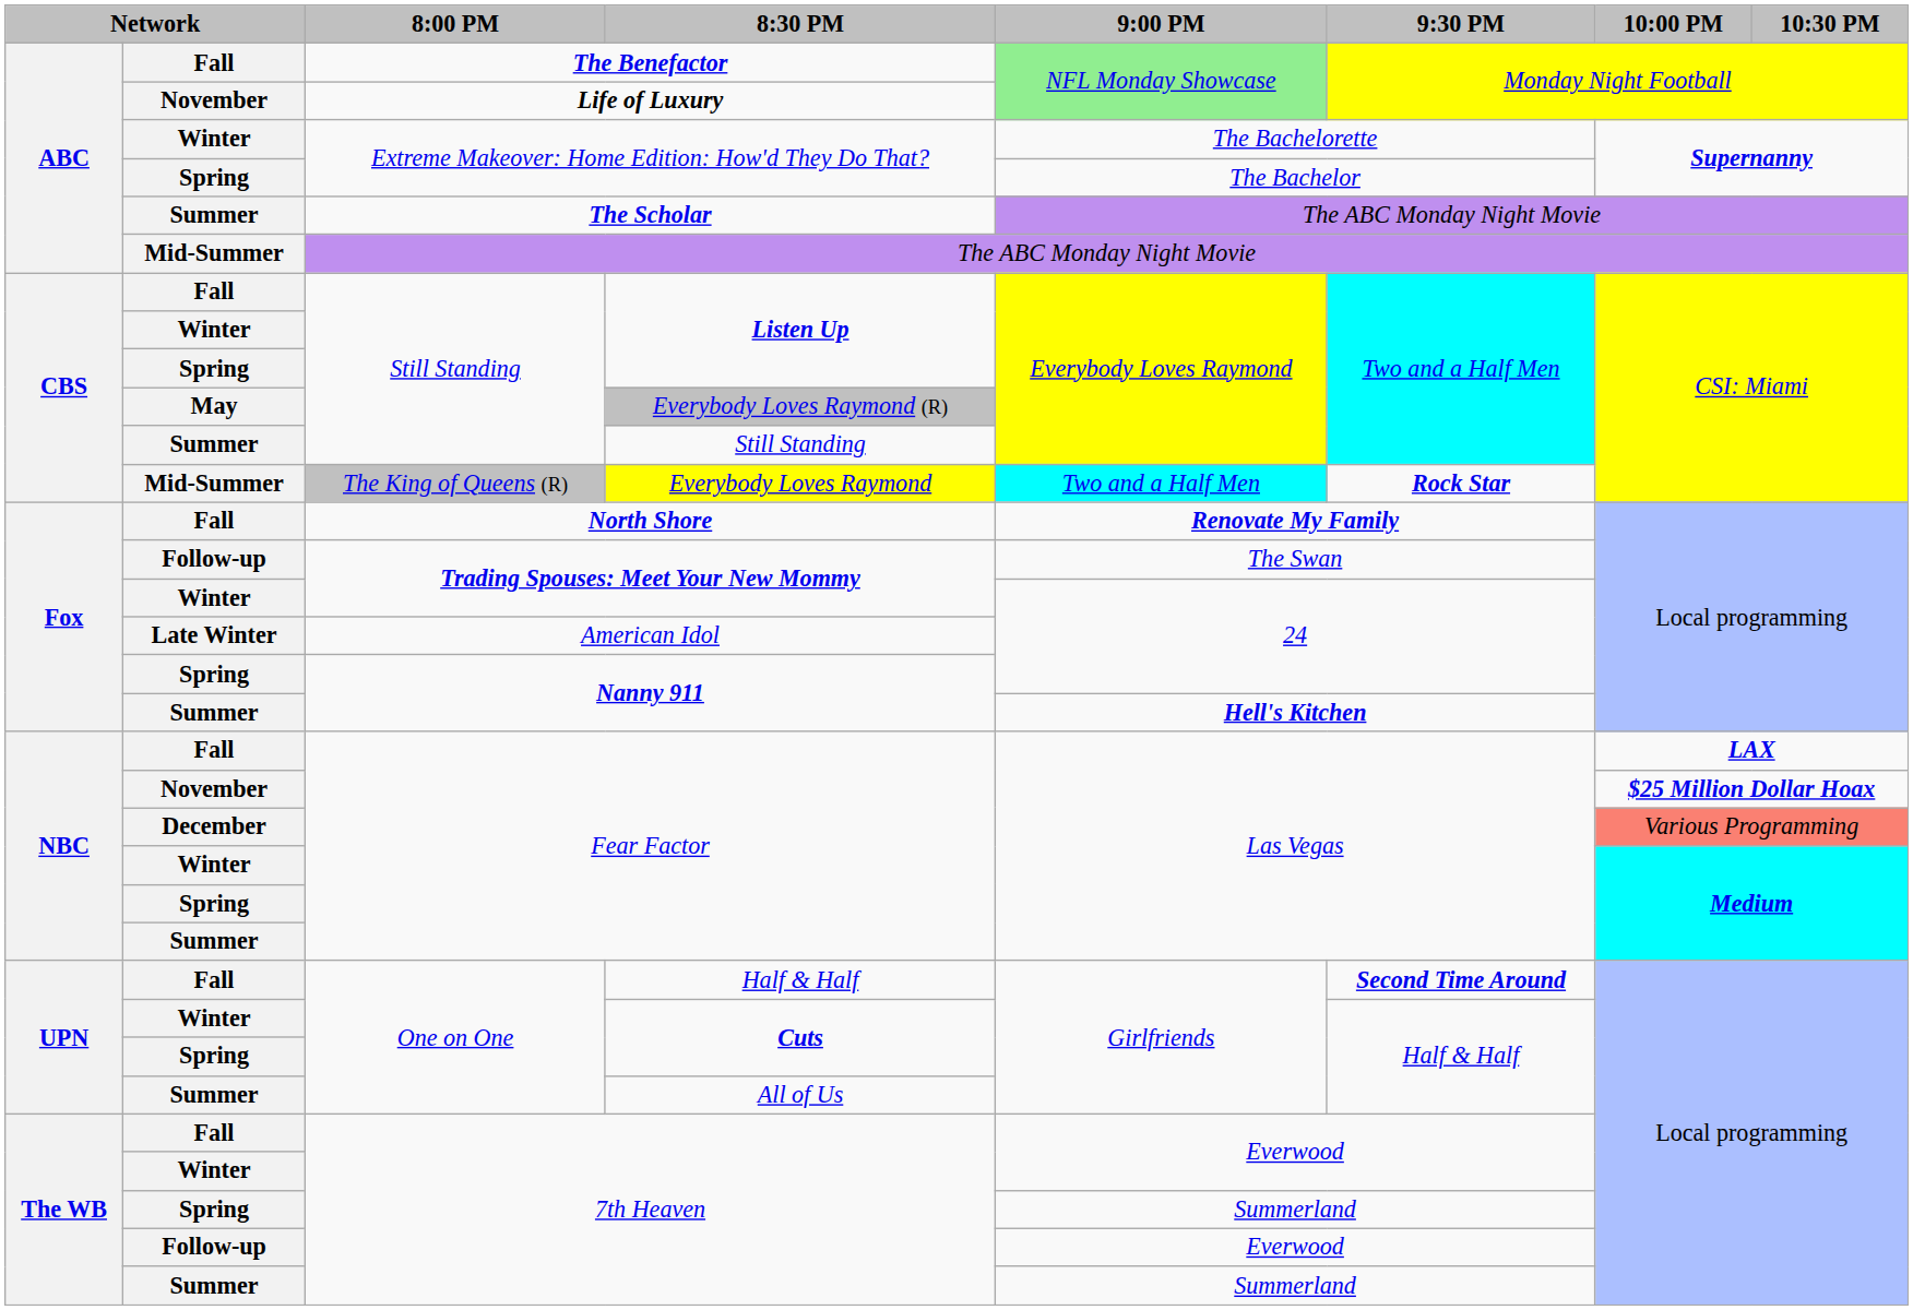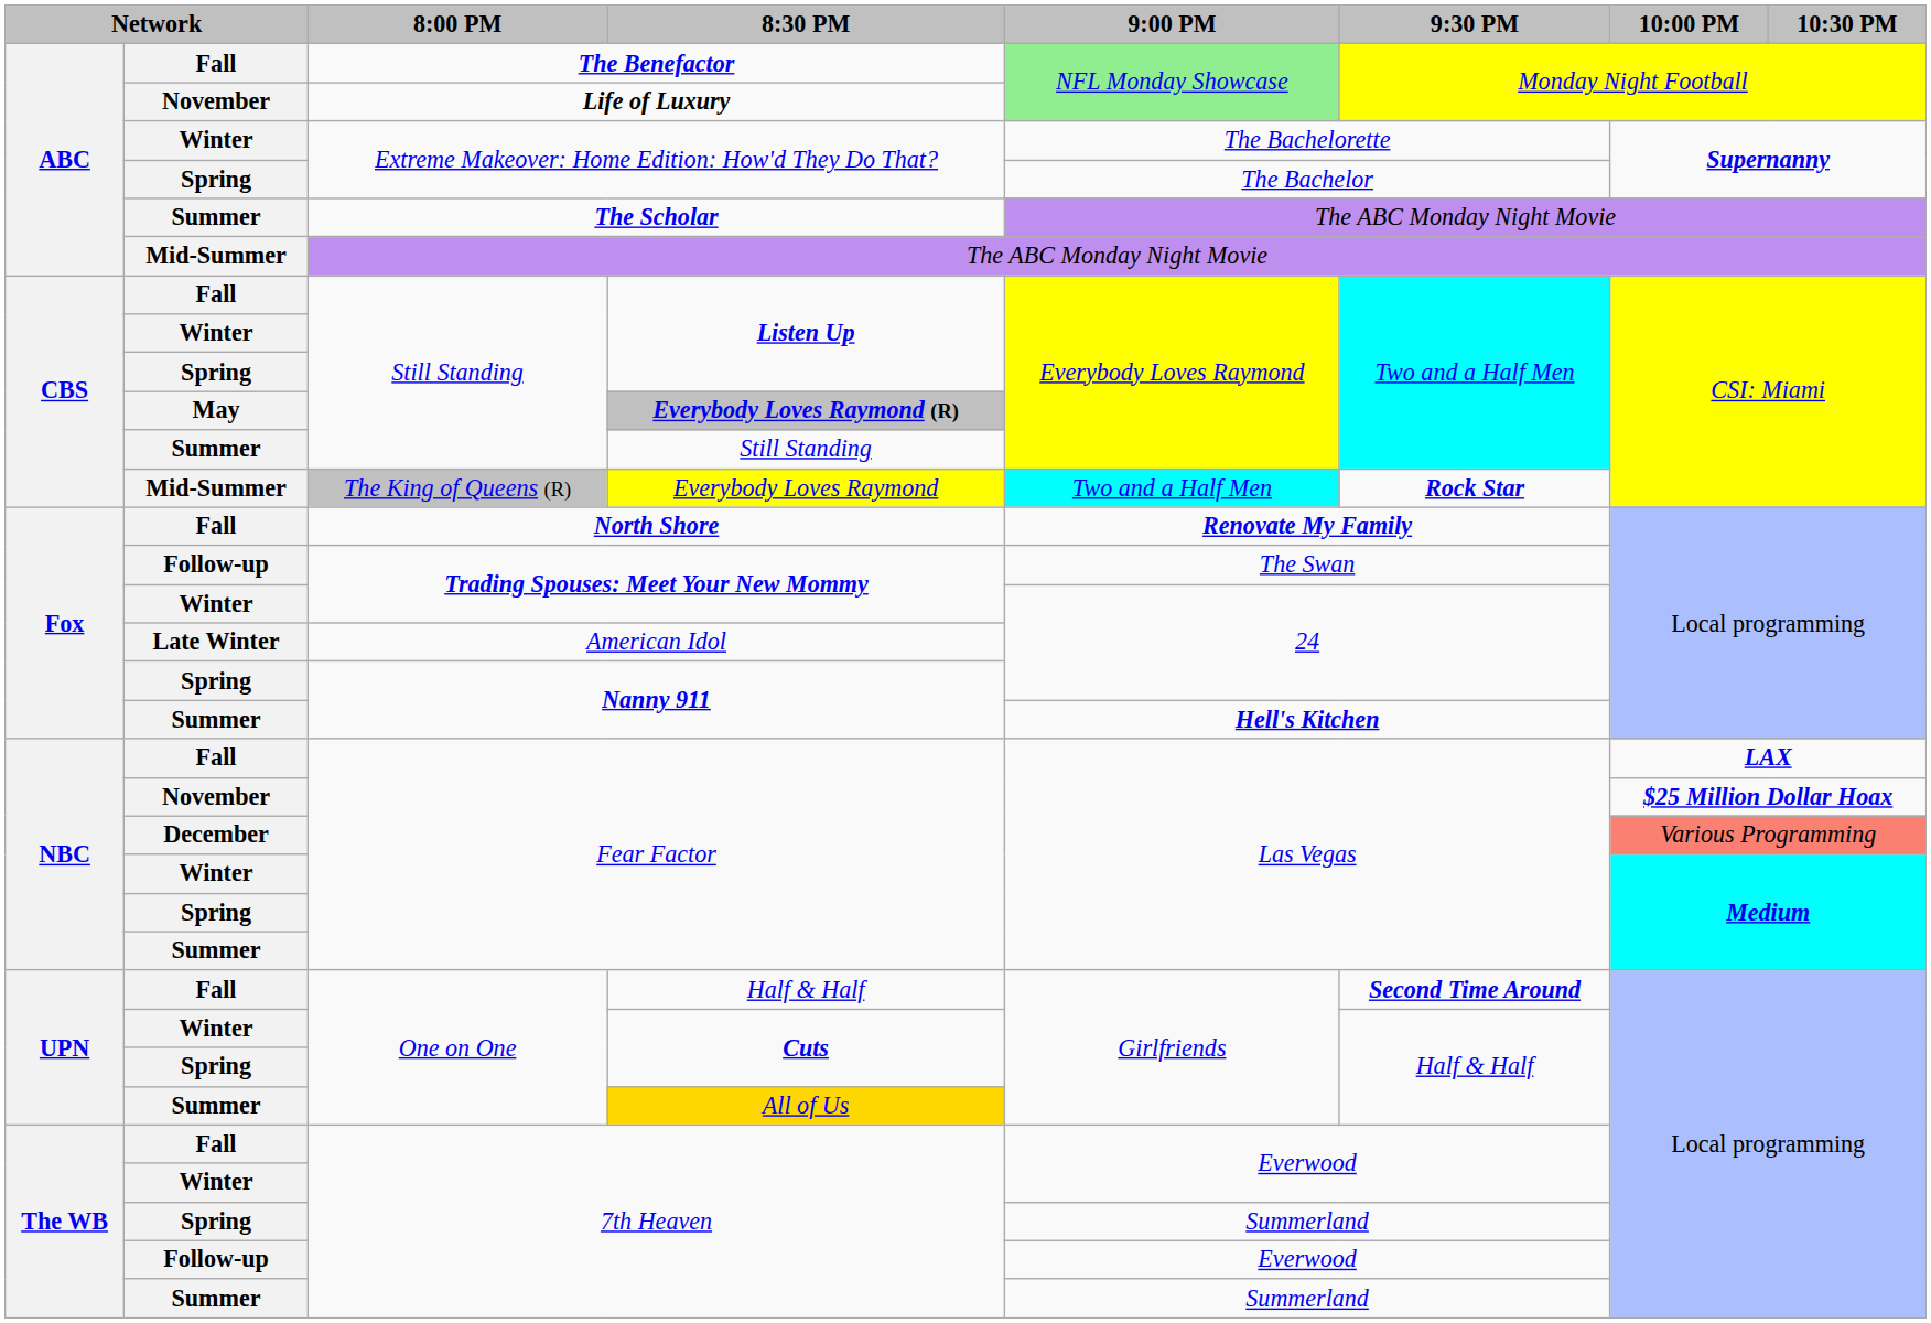 <table class="wikitable" style="width:100%;margin-right:0;text-align:center">
 <tr>
 <th colspan="2" style="background-color:#C0C0C0;text-align:center">Network</th>
 <th style="background-color:#C0C0C0;text-align:center">8:00 PM</th>
 <th style="background-color:#C0C0C0;text-align:center">8:30 PM</th>
 <th style="background-color:#C0C0C0;text-align:center">9:00 PM</th>
 <th style="background-color:#C0C0C0;text-align:center">9:30 PM</th>
 <th style="background-color:#C0C0C0;text-align:center">10:00 PM</th>
 <th style="background-color:#C0C0C0;text-align:center">10:30 PM</th>
 </tr>
 <tr>
 <th rowspan="6"><a href='#'>ABC</a></th>
 <th>Fall</th>
 <td colspan="2"><strong><em><a href='#'>The Benefactor</a></em></strong></td>
 <td bgcolor="lightgreen" rowspan="2"><em><a href='#'>NFL Monday Showcase</a></em></td>
 <td colspan="3" style="background-color:#FFFF00;" rowspan="2"><em><a href='#'>Monday Night Football</a></em> </td>
 </tr>
 <tr>
 <th>November</th>
 <td colspan="2"><strong><em>Life of Luxury</em></strong></td>
 </tr>
 <tr>
 <th>Winter</th>
 <td colspan="2" rowspan="2"><em><a href='#'>Extreme Makeover: Home Edition: How'd They Do That?</a></em></td>
 <td colspan="2"><em><a href='#'>The Bachelorette</a></em></td>
 <td colspan="2" rowspan="2"><strong><em><a href='#'>Supernanny</a></em></strong></td>
 </tr>
 <tr>
 <th>Spring</th>
 <td colspan="2"><em><a href='#'>The Bachelor</a></em></td>
 </tr>
 <tr>
 <th>Summer</th>
 <td colspan="2"><strong><em><a href='#'>The Scholar</a></em></strong></td>
 <td bgcolor="#bf8fef" colspan="4"><em>The ABC Monday Night Movie</em></td>
 </tr>
 <tr>
 <th>Mid-Summer</th>
 <td bgcolor="#bf8fef"  colspan="6"><em>The ABC Monday Night Movie</em></td>
 </tr>
 <tr>
 <th rowspan="6"><a href='#'>CBS</a></th>
 <th>Fall</th>
 <td rowspan="5"><em><a href='#'>Still Standing</a></em></td>
 <td rowspan="3"><strong><em><a href='#'>Listen Up</a></em></strong></td>
 <td rowspan="5" style="background-color:#FFFF00;"><em><a href='#'>Everybody Loves Raymond</a></em> </td>
 <td rowspan="5" style="background-color:#00FFFF;"><em><a href='#'>Two and a Half Men</a></em> </td>
 <td colspan="2" rowspan="6" style="background-color:#FFFF00;"><em><a href='#'>CSI: Miami</a></em> </td>
 </tr>
 <tr>
 <th>Winter</th>
 </tr>
 <tr>
 <th>Spring</th>
 </tr>
 <tr>
 <th>May</th>
-<td bgcolor="#C0C0C0"><em><a href='#'>Everybody Loves Raymond</a></em> <small>(R)</small></td>
+<td bgcolor="#C0C0C0"><strong><em><a href='#'>Everybody Loves Raymond</a></em> <small>(R)</small></strong></td>
 </tr>
 <tr>
 <th>Summer</th>
 <td><em><a href='#'>Still Standing</a></em></td>
 </tr>
 <tr>
 <th>Mid-Summer</th>
 <td bgcolor="#C0C0C0"><em><a href='#'>The King of Queens</a></em> <small>(R)</small></td>
 <td style="background-color:#FFFF00;"><em><a href='#'>Everybody Loves Raymond</a></em> </td>
 <td style="background-color:#00FFFF;"><em><a href='#'>Two and a Half Men</a></em> </td>
 <td><strong><em><a href='#'>Rock Star</a></em></strong></td>
 </tr>
 <tr>
 <th rowspan="6"><a href='#'>Fox</a></th>
 <th>Fall</th>
 <td colspan="2"><strong><em><a href='#'>North Shore</a></em></strong></td>
 <td colspan="2"><strong><em><a href='#'>Renovate My Family</a></em></strong></td>
 <td colspan="2" rowspan="6" style="background-color:#abbfff">Local programming</td>
 </tr>
 <tr>
 <th>Follow-up</th>
 <td colspan="2" rowspan="2"><strong><em><a href='#'>Trading Spouses: Meet Your New Mommy</a></em></strong></td>
 <td colspan="2"><em><a href='#'>The Swan</a></em></td>
 </tr>
 <tr>
 <th>Winter</th>
 <td colspan="2" rowspan="3"><em><a href='#'>24</a></em></td>
 </tr>
 <tr>
 <th>Late Winter</th>
 <td colspan="2"><em><a href='#'>American Idol</a></em></td>
 </tr>
 <tr>
 <th>Spring</th>
 <td colspan="2" rowspan="2"><strong><em><a href='#'>Nanny 911</a></em></strong></td>
 </tr>
 <tr>
 <th>Summer</th>
 <td colspan="2"><strong><em><a href='#'>Hell's Kitchen</a></em></strong></td>
 </tr>
 <tr>
 <th rowspan="6"><a href='#'>NBC</a></th>
 <th>Fall</th>
 <td colspan="2" rowspan="6"><em><a href='#'>Fear Factor</a></em></td>
 <td colspan="2" rowspan="6"><em><a href='#'>Las Vegas</a></em></td>
 <td colspan="2"><strong><em><a href='#'>LAX</a></em></strong></td>
 </tr>
 <tr>
 <th>November</th>
 <td colspan="2"><strong><em><a href='#'>$25 Million Dollar Hoax</a></em></strong></td>
 </tr>
 <tr>
 <th>December</th>
 <td bgcolor="#FA8072" colspan="2"><em>Various Programming</em></td>
 </tr>
 <tr>
 <th>Winter</th>
 <td colspan="2" rowspan="3" style="background-color:#00FFFF;"><strong><em><a href='#'>Medium</a></em></strong><br></td>
 </tr>
 <tr>
 <th>Spring</th>
 </tr>
 <tr>
 <th>Summer</th>
 </tr>
 <tr>
 <th rowspan="4"><a href='#'>UPN</a></th>
 <th>Fall</th>
 <td rowspan="4"><em><a href='#'>One on One</a></em></td>
 <td><em><a href='#'>Half & Half</a></em></td>
 <td rowspan="4"><em><a href='#'>Girlfriends</a></em></td>
 <td><strong><em><a href='#'>Second Time Around</a></em></strong></td>
 <td colspan="2" rowspan="9" style="background-color:#abbfff">Local programming</td>
 </tr>
 <tr>
 <th>Winter</th>
 <td rowspan="2"><strong><em><a href='#'>Cuts</a></em></strong></td>
 <td rowspan="3"><em><a href='#'>Half & Half</a></em></td>
 </tr>
 <tr>
 <th>Spring</th>
 </tr>
 <tr>
 <th>Summer</th>
-<td><em><a href='#'>All of Us</a></em></td>
+<td style="background: gold;"><em><a href='#'>All of Us</a></em></td>
 </tr>
 <tr>
 <th rowspan="5"><a href='#'>The WB</a></th>
 <th>Fall</th>
 <td rowspan="5" colspan="2"><em><a href='#'>7th Heaven</a></em></td>
 <td rowspan="2" colspan="2"><em><a href='#'>Everwood</a></em></td>
 </tr>
 <tr>
 <th>Winter</th>
 </tr>
 <tr>
 <th>Spring</th>
 <td colspan="2"><em><a href='#'>Summerland</a></em></td>
 </tr>
 <tr>
 <th>Follow-up</th>
 <td colspan="2"><em><a href='#'>Everwood</a></em></td>
 </tr>
 <tr>
 <th>Summer</th>
 <td colspan="2"><em><a href='#'>Summerland</a></em></td>
 </tr>
 <tr>
 </tr>
 </table>
